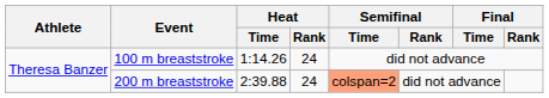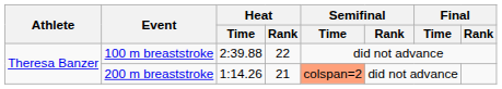 <table class=wikitable style="font-size:90%">
 <tr>
 <th rowspan=2>Athlete</th>
 <th rowspan=2>Event</th>
 <th colspan="2">Heat</th>
 <th colspan="2">Semifinal</th>
 <th colspan="2">Final</th>
 </tr>
 <tr style="font-size:95%">
 <th>Time</th>
 <th>Rank</th>
 <th>Time</th>
 <th>Rank</th>
 <th>Time</th>
 <th>Rank</th>
 </tr>
 <tr align=center>
 <td align=left rowspan=2><a href='#'>Theresa Banzer</a></td>
 <td align=left><a href='#'>100 m breaststroke</a></td>
-<td>1:14.26</td>
-<td>24</td>
+<td>2:39.88</td>
+<td>22</td>
 <td colspan=4>did not advance</td>
 </tr>
 <tr align=center>
 <td align=left><a href='#'>200 m breaststroke</a></td>
-<td>2:39.88</td>
-<td>24</td>
+<td>1:14.26</td>
+<td>21</td>
 <td style="background: lightsalmon;">colspan=2 </td>
 <td colspan=2>did not advance</td>
 </tr>
 </table>
